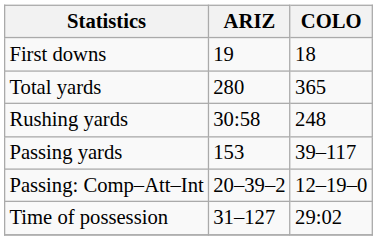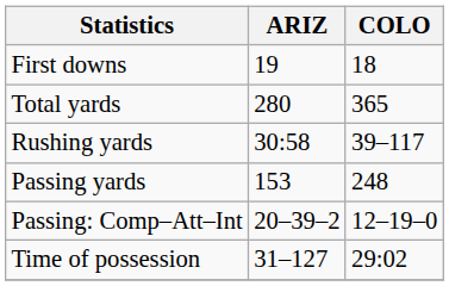 <table class="wikitable" style="float: left;">
 <tr>
 <th>Statistics</th>
 <th>ARIZ</th>
 <th>COLO</th>
 </tr>
 <tr>
 <td>First downs</td>
 <td>19</td>
 <td>18</td>
 </tr>
 <tr>
 <td>Total yards</td>
 <td>280</td>
 <td>365</td>
 </tr>
 <tr>
 <td>Rushing yards</td>
 <td>30:58</td>
-<td>248</td>
+<td>39–117</td>
 </tr>
 <tr>
 <td>Passing yards</td>
 <td>153</td>
-<td>39–117</td>
+<td>248</td>
 </tr>
 <tr>
 <td>Passing: Comp–Att–Int</td>
 <td>20–39–2</td>
 <td>12–19–0</td>
 </tr>
 <tr>
 <td>Time of possession</td>
 <td>31–127</td>
 <td>29:02</td>
 </tr>
 <tr>
 </tr>
 </table>
